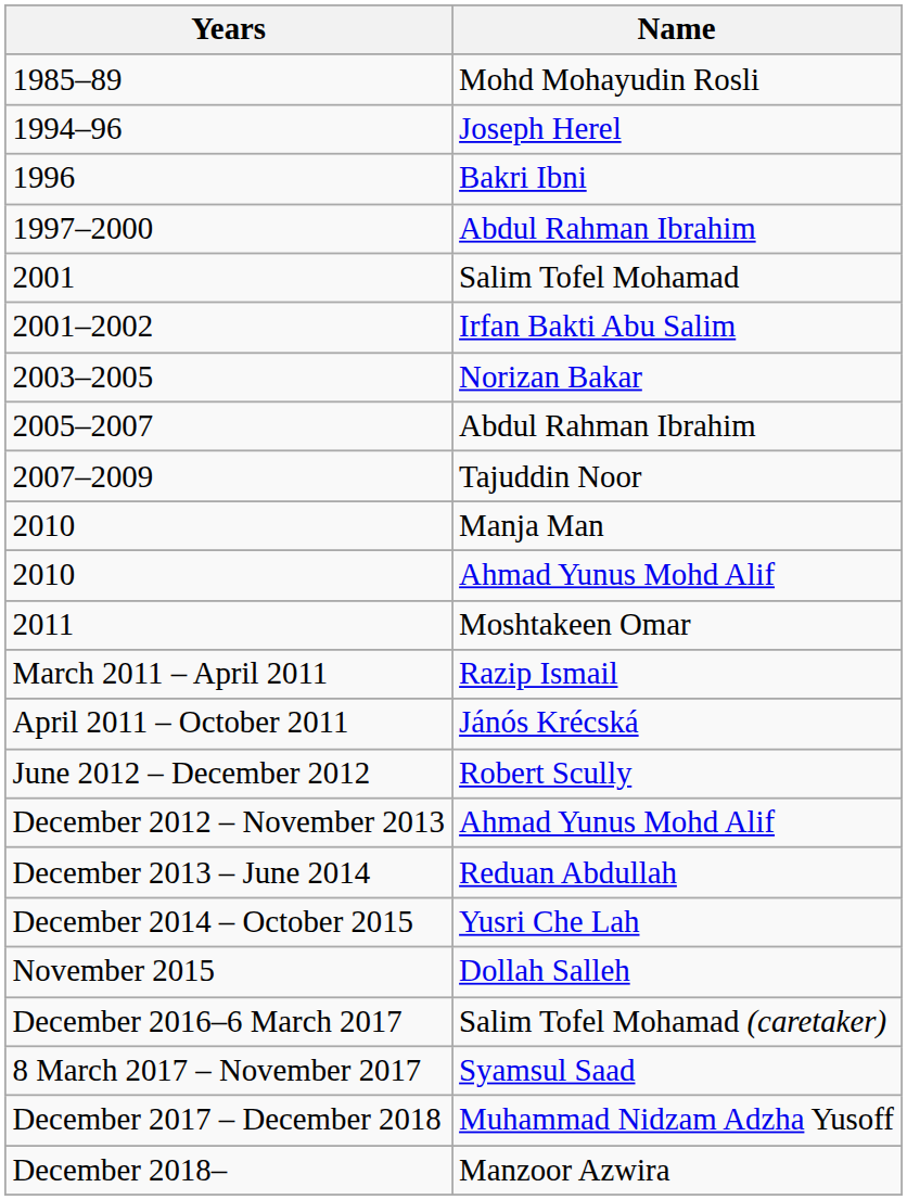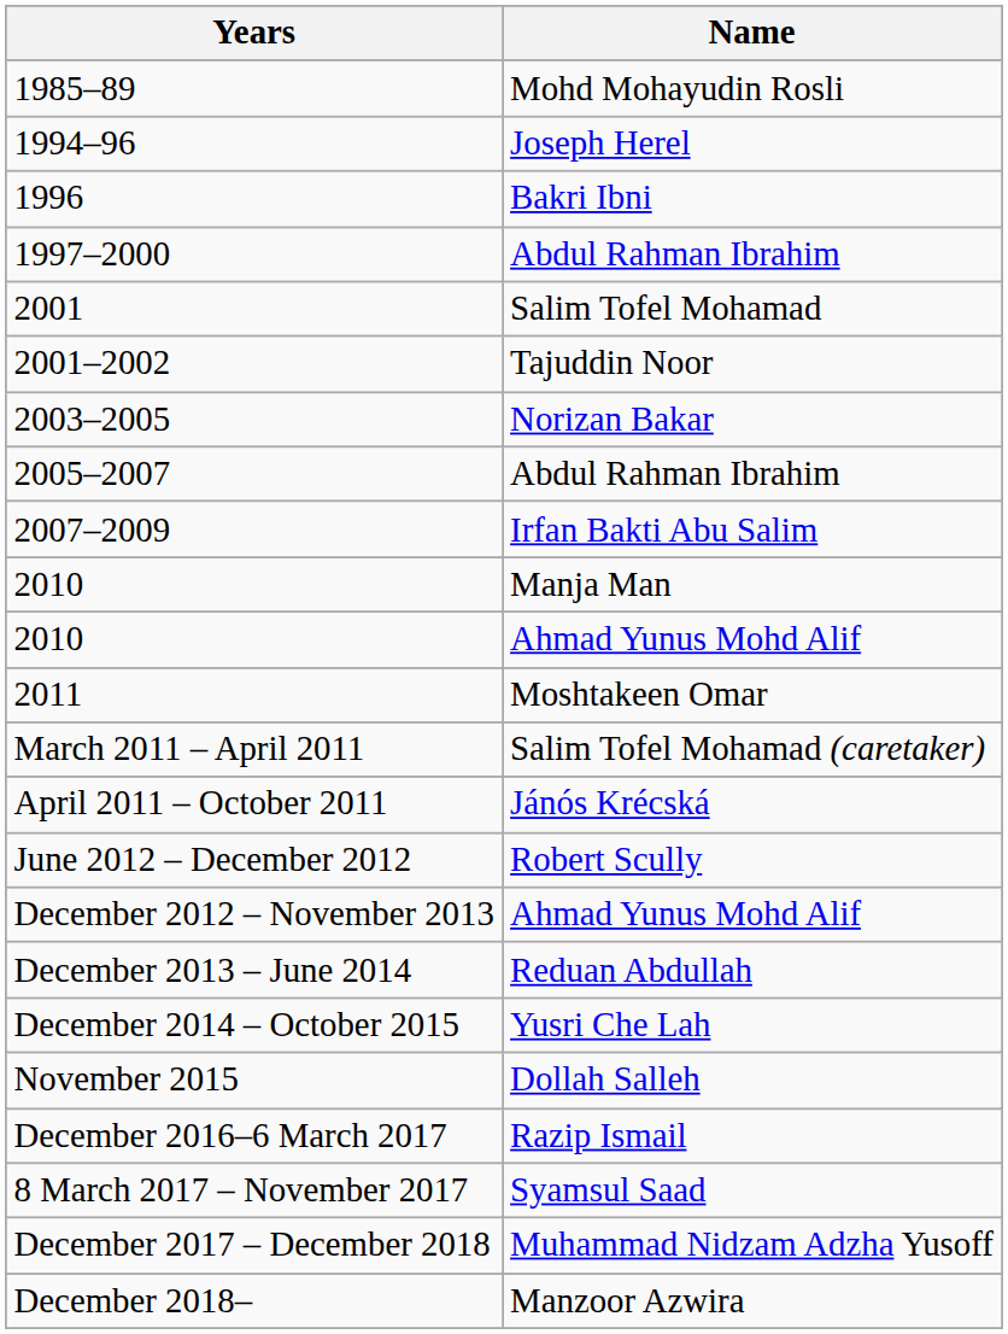 <table class="wikitable">
 <tr>
 <th style="background:; color:; text-align:center;">Years</th>
 <th style="background:; color:; text-align:center;">Name</th>
 </tr>
 <tr>
 <td>1985–89</td>
 <td> Mohd Mohayudin Rosli</td>
 </tr>
 <tr>
 <td>1994–96</td>
 <td> <a href='#'>Joseph Herel</a></td>
 </tr>
 <tr>
 <td>1996</td>
 <td> <a href='#'>Bakri Ibni</a></td>
 </tr>
 <tr>
 <td>1997–2000</td>
 <td> <a href='#'>Abdul Rahman Ibrahim</a></td>
 </tr>
 <tr>
 <td>2001</td>
 <td> Salim Tofel Mohamad</td>
 </tr>
 <tr>
 <td>2001–2002</td>
-<td> <a href='#'>Irfan Bakti Abu Salim</a></td>
+<td> Tajuddin Noor</td>
 </tr>
 <tr>
 <td>2003–2005</td>
 <td> <a href='#'>Norizan Bakar</a></td>
 </tr>
 <tr>
 <td>2005–2007</td>
 <td> Abdul Rahman Ibrahim</td>
 </tr>
 <tr>
 <td>2007–2009</td>
-<td> Tajuddin Noor</td>
+<td> <a href='#'>Irfan Bakti Abu Salim</a></td>
 </tr>
 <tr>
 <td>2010</td>
 <td> Manja Man</td>
 </tr>
 <tr>
 <td>2010</td>
 <td> <a href='#'>Ahmad Yunus Mohd Alif</a></td>
 </tr>
 <tr>
 <td>2011</td>
 <td> Moshtakeen Omar</td>
 </tr>
 <tr>
 <td>March 2011 – April 2011</td>
-<td> <a href='#'>Razip Ismail</a></td>
+<td> Salim Tofel Mohamad <em>(caretaker)</em></td>
 </tr>
 <tr>
 <td>April 2011 – October 2011</td>
 <td> <a href='#'>Jánós Krécská</a></td>
 </tr>
 <tr>
 <td>June 2012 – December 2012</td>
 <td> <a href='#'>Robert Scully</a></td>
 </tr>
 <tr>
 <td>December 2012 – November 2013</td>
 <td> <a href='#'>Ahmad Yunus Mohd Alif</a></td>
 </tr>
 <tr>
 <td>December 2013 – June 2014</td>
 <td> <a href='#'>Reduan Abdullah</a></td>
 </tr>
 <tr>
 <td>December 2014 – October 2015</td>
 <td> <a href='#'>Yusri Che Lah</a></td>
 </tr>
 <tr>
 <td>November 2015</td>
 <td> <a href='#'>Dollah Salleh</a></td>
 </tr>
 <tr>
 <td>December 2016–6 March 2017</td>
-<td> Salim Tofel Mohamad <em>(caretaker)</em></td>
+<td> <a href='#'>Razip Ismail</a></td>
 </tr>
 <tr>
 <td>8 March 2017 – November 2017</td>
 <td> <a href='#'>Syamsul Saad</a></td>
 </tr>
 <tr>
 <td>December 2017 – December 2018</td>
 <td> <a href='#'>Muhammad Nidzam Adzha</a> Yusoff</td>
 </tr>
 <tr>
 <td>December 2018–</td>
 <td> Manzoor Azwira</td>
 </tr>
 </table>
